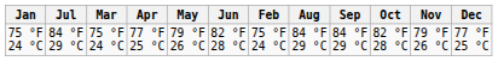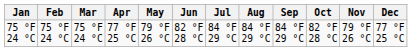 <table class="wikitable">
 <tr>
 <th>Jan</th>
-<th>Jul</th>
+<th>Feb</th>
 <th>Mar</th>
 <th>Apr</th>
 <th>May</th>
 <th>Jun</th>
-<th>Feb</th>
+<th>Jul</th>
 <th>Aug</th>
 <th>Sep</th>
 <th>Oct</th>
 <th>Nov</th>
 <th>Dec</th>
 </tr>
 <tr>
 <td>75 °F<br>24 °C</td>
-<td>84 °F<br>29 °C</td>
+<td>75 °F<br>24 °C</td>
 <td>75 °F<br>24 °C</td>
 <td>77 °F<br>25 °C</td>
 <td>79 °F<br>26 °C</td>
 <td>82 °F<br>28 °C</td>
-<td>75 °F<br>24 °C</td>
+<td>84 °F<br>29 °C</td>
 <td>84 °F<br>29 °C</td>
 <td>84 °F<br>29 °C</td>
 <td>82 °F<br>28 °C</td>
 <td>79 °F<br>26 °C</td>
 <td>77 °F<br>25 °C</td>
 </tr>
 </table>
